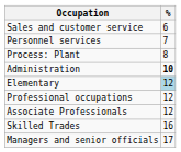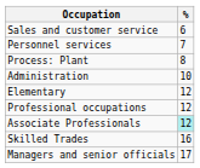 <table class="wikitable sortable" align="left">
 <tr>
 <th>Occupation</th>
 <th>%</th>
 </tr>
 <tr>
 <td>Sales and customer service</td>
 <td>6</td>
 </tr>
 <tr>
 <td>Personnel services</td>
 <td>7</td>
 </tr>
 <tr>
 <td>Process: Plant</td>
 <td>8</td>
 </tr>
 <tr>
 <td>Administration</td>
-<td><strong>10</strong></td>
+<td>10</td>
 </tr>
 <tr>
 <td>Elementary</td>
-<td style="background: lightblue;">12</td>
+<td>12</td>
 </tr>
 <tr>
 <td>Professional occupations</td>
 <td>12</td>
 </tr>
 <tr>
 <td>Associate Professionals</td>
-<td>12</td>
+<td style="background: paleturquoise;">12</td>
 </tr>
 <tr>
 <td>Skilled Trades</td>
 <td>16</td>
 </tr>
 <tr>
 <td>Managers and senior officials</td>
 <td>17</td>
 </tr>
 </table>
